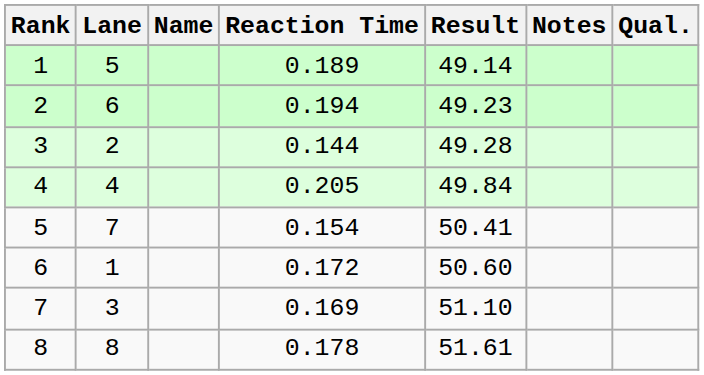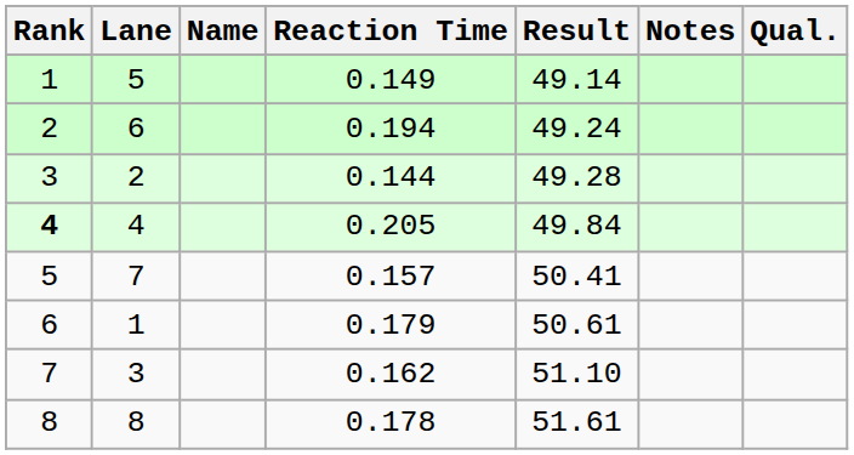 <table class="wikitable sortable" style="text-align:center">
 <tr>
 <th>Rank</th>
 <th>Lane</th>
 <th>Name</th>
 <th>Reaction Time</th>
 <th>Result</th>
 <th>Notes</th>
 <th>Qual.</th>
 </tr>
 <tr bgcolor=ccffcc>
 <td>1</td>
 <td>5</td>
 <td align="left"></td>
-<td>0.189</td>
+<td>0.149</td>
 <td>49.14</td>
 <td></td>
 <td></td>
 </tr>
 <tr bgcolor=ccffcc>
 <td>2</td>
 <td>6</td>
 <td align="left"></td>
 <td>0.194</td>
-<td>49.23</td>
+<td>49.24</td>
 <td></td>
 <td></td>
 </tr>
 <tr bgcolor=ddffdd>
 <td>3</td>
 <td>2</td>
 <td align="left"></td>
 <td>0.144</td>
 <td>49.28</td>
 <td></td>
 <td></td>
 </tr>
 <tr bgcolor=ddffdd>
-<td>4</td>
+<td><strong>4</strong></td>
 <td>4</td>
 <td align="left"></td>
 <td>0.205</td>
 <td>49.84</td>
 <td><br></td>
 <td></td>
 </tr>
 <tr>
 <td>5</td>
 <td>7</td>
 <td align="left"></td>
-<td>0.154</td>
+<td>0.157</td>
 <td>50.41</td>
 <td></td>
 <td></td>
 </tr>
 <tr>
 <td>6</td>
 <td>1</td>
 <td align="left"></td>
-<td>0.172</td>
-<td>50.60</td>
+<td>0.179</td>
+<td>50.61</td>
 <td></td>
 <td></td>
 </tr>
 <tr>
 <td>7</td>
 <td>3</td>
 <td align="left"></td>
-<td>0.169</td>
+<td>0.162</td>
 <td>51.10</td>
 <td></td>
 <td></td>
 </tr>
 <tr>
 <td>8</td>
 <td>8</td>
 <td align="left"></td>
 <td>0.178</td>
 <td>51.61</td>
 <td></td>
 <td></td>
 </tr>
 </table>
